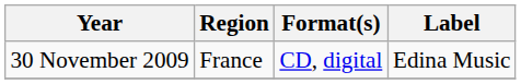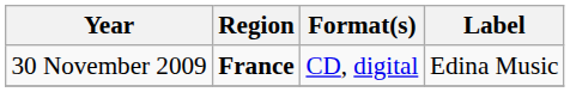 <table class="wikitable">
 <tr>
 <th align="center">Year</th>
 <th align="center">Region</th>
 <th align="center">Format(s)</th>
 <th align="center">Label</th>
 </tr>
 <tr>
 <td align="left">30 November 2009</td>
-<td align="left">France</td>
+<td align="left"><strong>France</strong></td>
 <td align="left"><a href='#'>CD</a>, <a href='#'>digital</a></td>
 <td align="left">Edina Music</td>
 </tr>
 <tr>
 </tr>
 </table>
